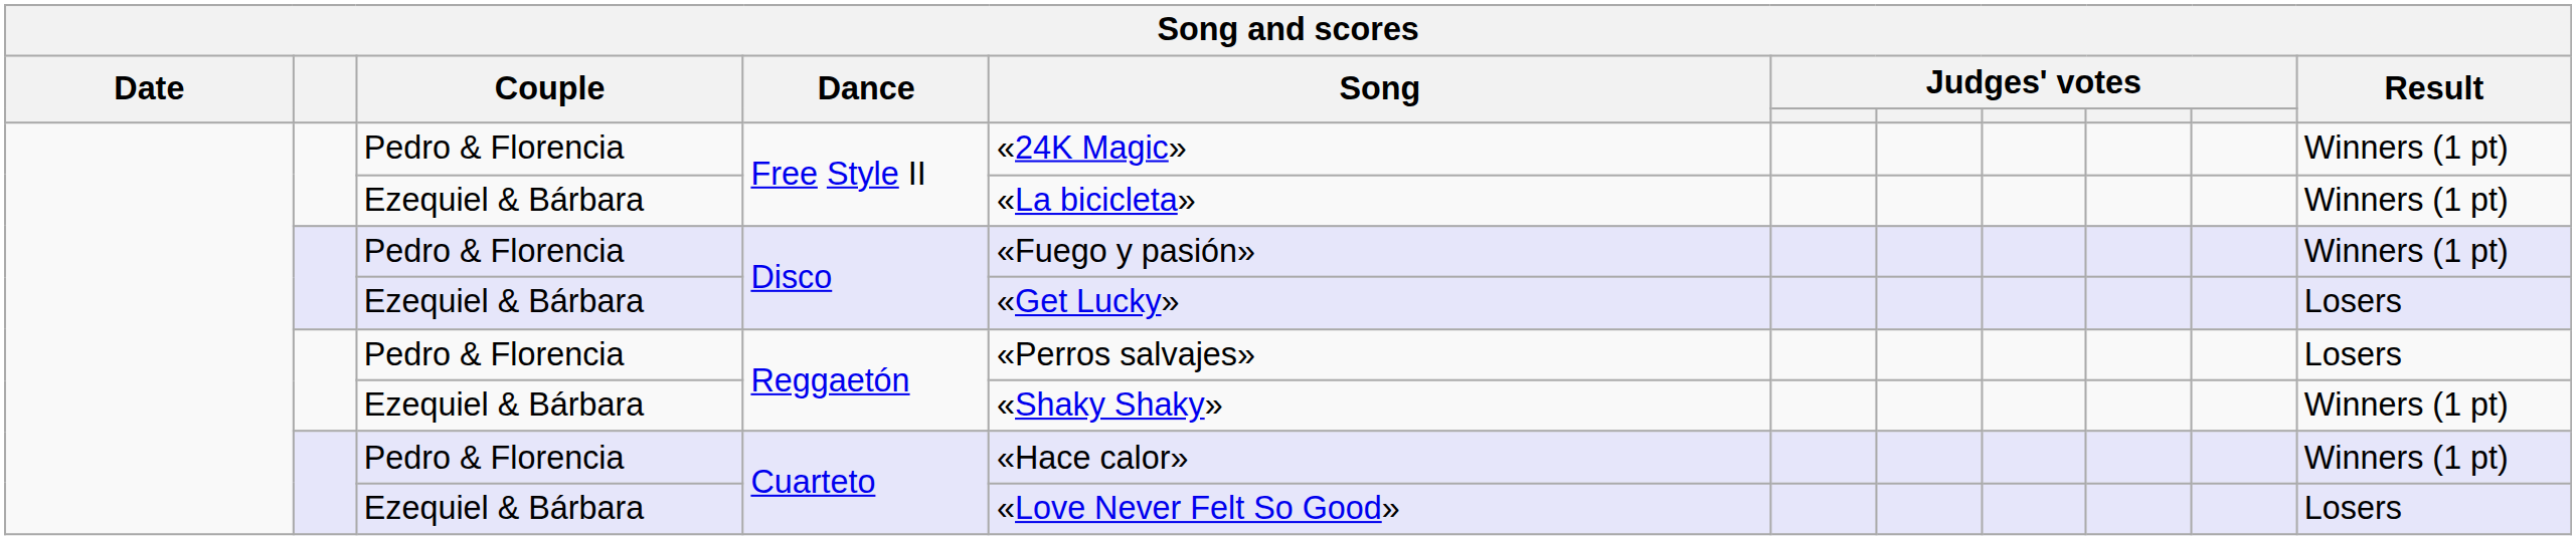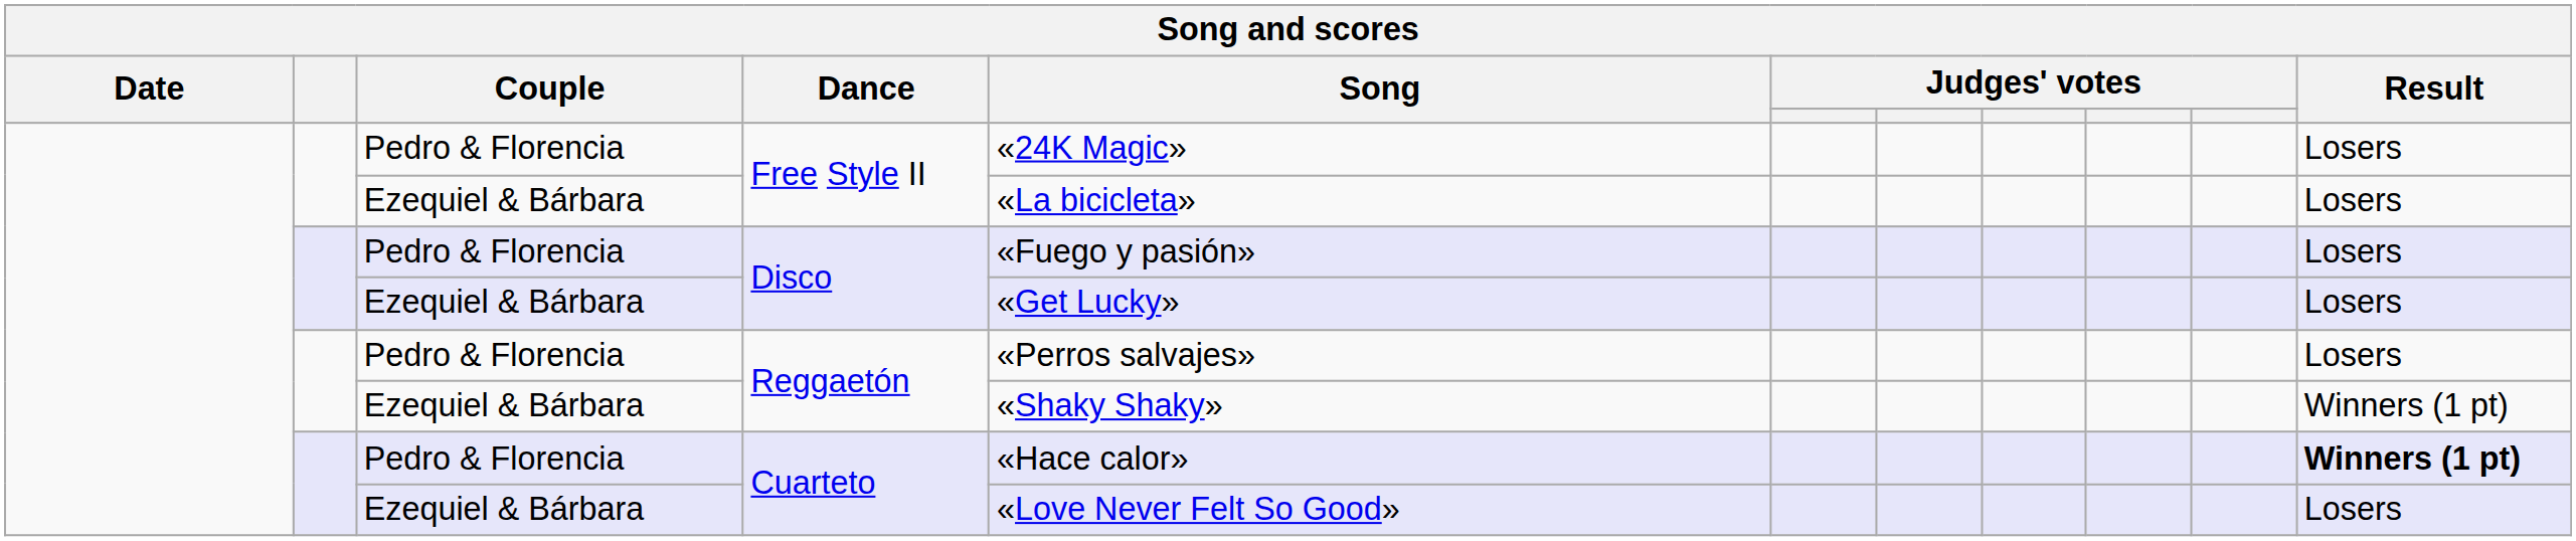 <table class="wikitable collapsible collapsed" style=" text-align: align; width: 100%;">
 <tr>
 <th colspan="11" style="with: 100%;" align="center">Song and scores</th>
 </tr>
 <tr>
 <th width=95 rowspan=2>Date</th>
 <th width=15 rowspan=2></th>
 <th width=130 rowspan=2>Couple</th>
 <th width=80 rowspan=2>Dance</th>
 <th width=270 rowspan=2>Song</th>
 <th width=150 colspan=5>Judges' votes</th>
 <th width=90 rowspan=2>Result</th>
 </tr>
 <tr>
 <th width=30></th>
 <th width=30></th>
 <th width=30></th>
 <th width=30></th>
 <th width=30></th>
 </tr>
 <tr>
 <td rowspan="8"></td>
 <td rowspan="2"></td>
 <td>Pedro & Florencia</td>
 <td rowspan="2"><a href='#'>Free</a> <a href='#'>Style</a> II</td>
 <td>«<a href='#'>24K Magic</a>» </td>
 <td></td>
 <td></td>
 <td></td>
 <td></td>
 <td></td>
-<td>Winners (1 pt)</td>
+<td>Losers</td>
 </tr>
 <tr>
 <td>Ezequiel & Bárbara</td>
 <td>«<a href='#'>La bicicleta</a>» </td>
 <td></td>
 <td></td>
 <td></td>
 <td></td>
 <td></td>
-<td>Winners (1 pt)</td>
+<td>Losers</td>
 </tr>
 <tr style="background:lavender;">
 <td rowspan="2"></td>
 <td>Pedro & Florencia</td>
 <td rowspan="2"><a href='#'>Disco</a></td>
 <td>«Fuego y pasión» </td>
 <td></td>
 <td></td>
 <td></td>
 <td></td>
 <td></td>
-<td>Winners (1 pt)</td>
+<td>Losers</td>
 </tr>
 <tr style="background:lavender;">
 <td>Ezequiel & Bárbara</td>
 <td>«<a href='#'>Get Lucky</a>» </td>
 <td></td>
 <td></td>
 <td></td>
 <td></td>
 <td></td>
 <td>Losers</td>
 </tr>
 <tr>
 <td rowspan="2"></td>
 <td>Pedro & Florencia</td>
 <td rowspan="2"><a href='#'>Reggaetón</a></td>
 <td>«Perros salvajes» </td>
 <td></td>
 <td></td>
 <td></td>
 <td></td>
 <td></td>
 <td>Losers</td>
 </tr>
 <tr>
 <td>Ezequiel & Bárbara</td>
 <td>«<a href='#'>Shaky Shaky</a>» </td>
 <td></td>
 <td></td>
 <td></td>
 <td></td>
 <td></td>
 <td>Winners (1 pt)</td>
 </tr>
 <tr style="background:lavender;">
 <td rowspan="2"></td>
 <td>Pedro & Florencia</td>
 <td rowspan="2"><a href='#'>Cuarteto</a></td>
 <td>«Hace calor» </td>
 <td></td>
 <td></td>
 <td></td>
 <td></td>
 <td></td>
-<td>Winners (1 pt)</td>
+<td><strong>Winners (1 pt)</strong></td>
 </tr>
 <tr style="background:lavender;">
 <td>Ezequiel & Bárbara</td>
 <td>«<a href='#'>Love Never Felt So Good</a>» </td>
 <td></td>
 <td></td>
 <td></td>
 <td></td>
 <td></td>
 <td>Losers</td>
 </tr>
 </table>
